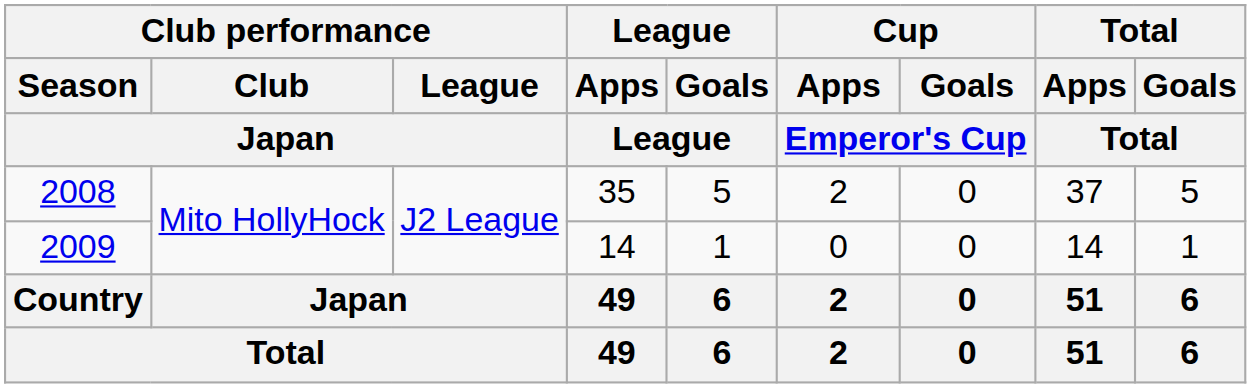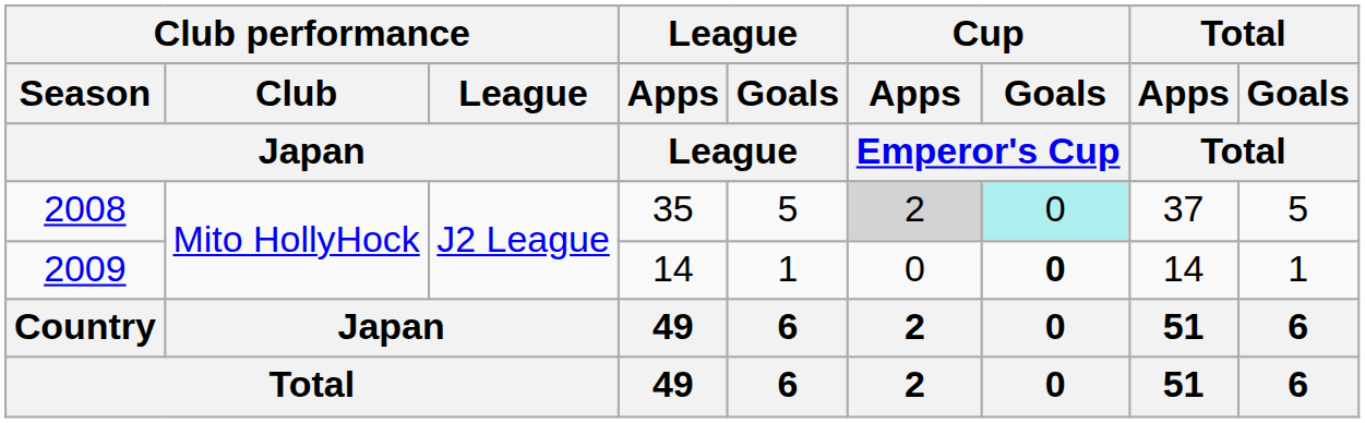 <table class="wikitable" style="text-align:center;">
 <tr>
 <th colspan=3>Club performance</th>
 <th colspan=2>League</th>
 <th colspan=2>Cup</th>
 <th colspan=2>Total</th>
 </tr>
 <tr>
 <th>Season</th>
 <th>Club</th>
 <th>League</th>
 <th>Apps</th>
 <th>Goals</th>
 <th>Apps</th>
 <th>Goals</th>
 <th>Apps</th>
 <th>Goals</th>
 </tr>
 <tr>
 <th colspan=3>Japan</th>
 <th colspan=2>League</th>
 <th colspan=2><a href='#'>Emperor's Cup</a></th>
 <th colspan=2>Total</th>
 </tr>
 <tr>
 <td><a href='#'>2008</a></td>
 <td rowspan="2"><a href='#'>Mito HollyHock</a></td>
 <td rowspan="2"><a href='#'>J2 League</a></td>
 <td>35</td>
 <td>5</td>
-<td>2</td>
-<td>0</td>
+<td style="background: lightgrey;">2</td>
+<td style="background: paleturquoise;">0</td>
 <td>37</td>
 <td>5</td>
 </tr>
 <tr>
 <td><a href='#'>2009</a></td>
 <td>14</td>
 <td>1</td>
 <td>0</td>
-<td>0</td>
+<td><strong>0</strong></td>
 <td>14</td>
 <td>1</td>
 </tr>
 <tr>
 <th rowspan=1>Country</th>
 <th colspan=2>Japan</th>
 <th>49</th>
 <th>6</th>
 <th>2</th>
 <th>0</th>
 <th>51</th>
 <th>6</th>
 </tr>
 <tr>
 <th colspan=3>Total</th>
 <th>49</th>
 <th>6</th>
 <th>2</th>
 <th>0</th>
 <th>51</th>
 <th>6</th>
 </tr>
 </table>
